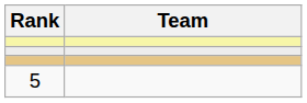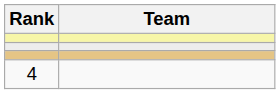 <table class="wikitable" style="text-align: center;">
 <tr>
 <th width=40>Rank</th>
 <th width=180>Team</th>
 </tr>
 <tr align=center bgcolor="#F7F6A8">
 <td></td>
 <td align=left></td>
 </tr>
 <tr align=center bgcolor=ededed>
 <td></td>
 <td align=left></td>
 </tr>
 <tr align=center bgcolor=e5c585>
 <td></td>
 <td align=left></td>
 </tr>
 <tr>
-<td>5</td>
+<td>4</td>
 <td align=left></td>
 </tr>
 </table>
